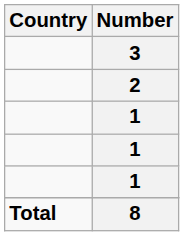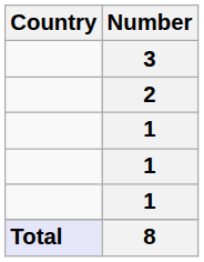 <table class="wikitable centre sortable">
 <tr>
 <th>Country</th>
 <th>Number</th>
 </tr>
 <tr>
 <td></td>
 <th>3</th>
 </tr>
 <tr>
 <td></td>
 <th>2</th>
 </tr>
 <tr>
 <td></td>
 <th>1</th>
 </tr>
 <tr>
 <td></td>
 <th>1</th>
 </tr>
 <tr>
 <td></td>
 <th>1</th>
 </tr>
 <tr>
 </tr>
 <tr class="sortbottom">
-<td><strong>Total</strong></td>
+<td style="background: lavender;"><strong>Total</strong></td>
 <th>8</th>
 </tr>
 </table>
